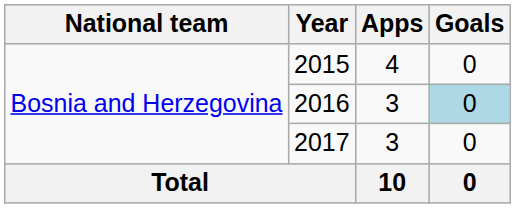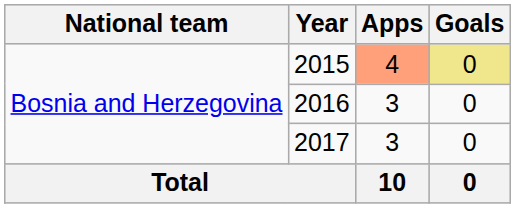 <table class="wikitable" style="text-align:center">
 <tr>
 <th>National team</th>
 <th>Year</th>
 <th>Apps</th>
 <th>Goals</th>
 </tr>
 <tr>
 <td rowspan="3"><a href='#'>Bosnia and Herzegovina</a></td>
 <td>2015</td>
-<td>4</td>
-<td>0</td>
+<td style="background: lightsalmon;">4</td>
+<td style="background: khaki;">0</td>
 </tr>
 <tr>
 <td>2016</td>
 <td>3</td>
-<td style="background: lightblue;">0</td>
+<td>0</td>
 </tr>
 <tr>
 <td>2017</td>
 <td>3</td>
 <td>0</td>
 </tr>
 <tr>
 <th colspan="2">Total</th>
 <th>10</th>
 <th>0</th>
 </tr>
 </table>
